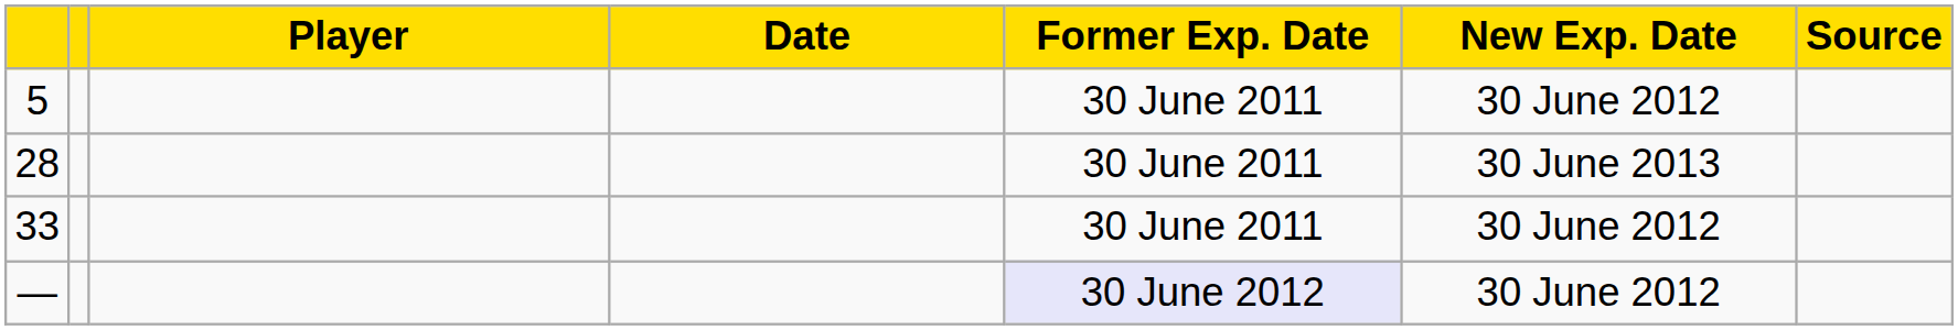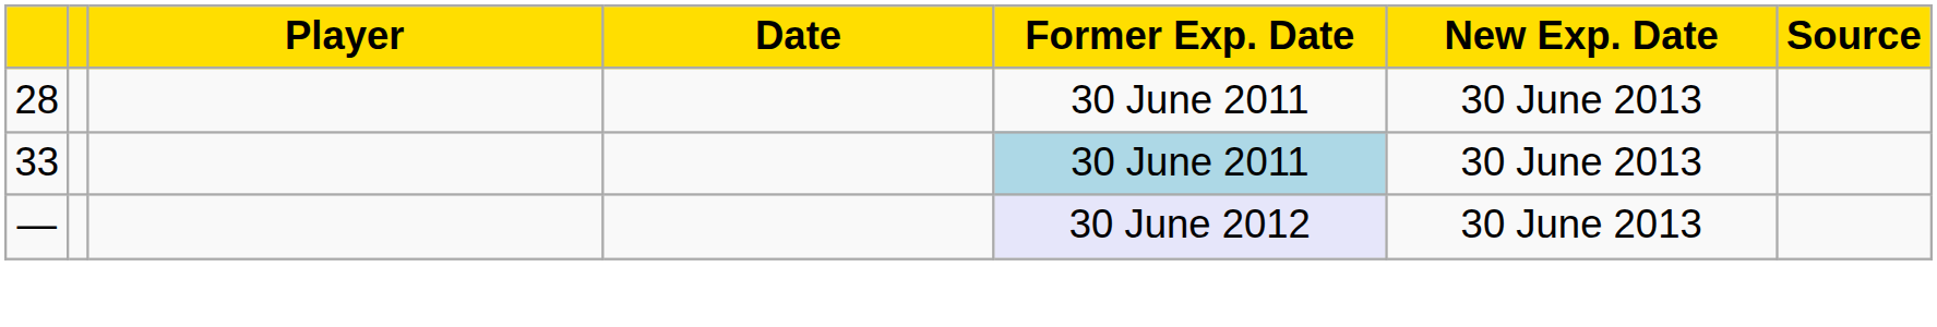 <table class="wikitable sortable">
 <tr>
 <th style="background:#FFDE00"></th>
 <th style="background:#FFDE00"></th>
 <th width=200 style="background:#FFDE00">Player</th>
 <th width=150 style="background:#FFDE00">Date</th>
 <th width=150 style="background:#FFDE00">Former Exp. Date</th>
 <th width=150 style="background:#FFDE00">New Exp. Date</th>
 <th style="background:#FFDE00">Source</th>
-</tr>
-<tr>
-<td align=center>5</td>
-<td align=center></td>
-<td></td>
-<td align=center></td>
-<td align=center>30 June 2011</td>
-<td align=center>30 June 2012</td>
-<td align=center></td>
 </tr>
 <tr>
 <td align=center>28</td>
 <td align=center></td>
 <td></td>
 <td align=center></td>
 <td align=center>30 June 2011</td>
 <td align=center>30 June 2013</td>
 <td align=center></td>
 </tr>
 <tr>
 <td align=center>33</td>
 <td align=center></td>
 <td></td>
 <td align=center></td>
-<td align=center>30 June 2011</td>
-<td align=center>30 June 2012</td>
+<td align=center style="background: lightblue;">30 June 2011</td>
+<td align=center>30 June 2013</td>
 <td align=center></td>
 </tr>
 <tr>
 <td align=center>—</td>
 <td align=center></td>
 <td></td>
 <td align=center></td>
 <td align=center style="background: lavender;">30 June 2012</td>
-<td align=center>30 June 2012</td>
+<td align=center>30 June 2013</td>
 <td align=center></td>
 </tr>
 </table>
